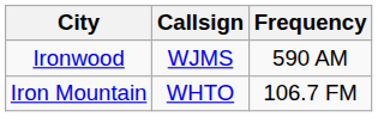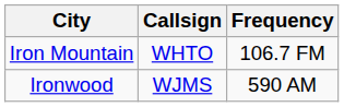 <table class="wikitable" style="text-align: center;">
 <tr>
 <th>City</th>
 <th>Callsign</th>
 <th>Frequency</th>
 </tr>
 <tr>
+<td><a href='#'>Iron Mountain</a></td>
+<td><a href='#'>WHTO</a></td>
+<td>106.7 FM</td>
+</tr>
+<tr>
 <td><a href='#'>Ironwood</a></td>
 <td><a href='#'>WJMS</a></td>
 <td>590 AM</td>
 </tr>
-<tr>
-<td><a href='#'>Iron Mountain</a></td>
-<td><a href='#'>WHTO</a></td>
-<td>106.7 FM</td>
-</tr>
 </table>
